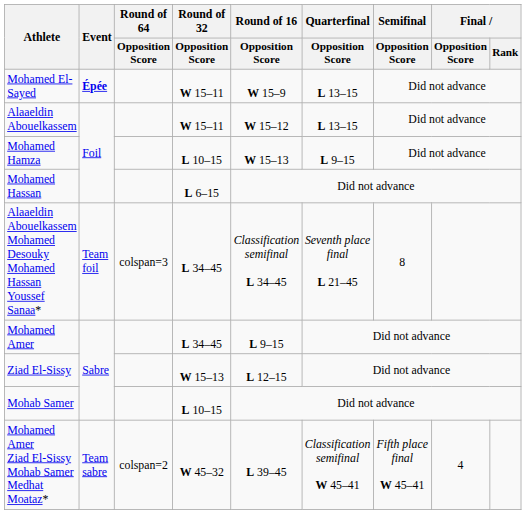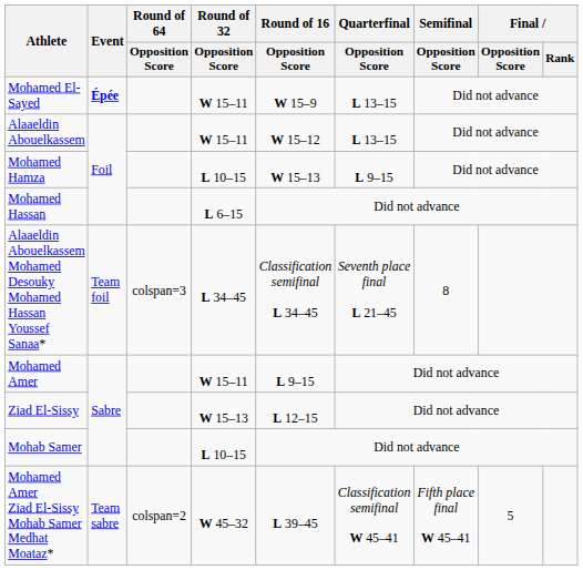 <table class="wikitable" style="font-size:90%">
 <tr>
 <th rowspan="2">Athlete</th>
 <th rowspan="2">Event</th>
 <th>Round of 64</th>
 <th>Round of 32</th>
 <th>Round of 16</th>
 <th>Quarterfinal</th>
 <th>Semifinal</th>
 <th colspan=2>Final / </th>
 </tr>
 <tr style="font-size:95%">
 <th>Opposition <br> Score</th>
 <th>Opposition <br> Score</th>
 <th>Opposition <br> Score</th>
 <th>Opposition <br> Score</th>
 <th>Opposition <br> Score</th>
 <th>Opposition <br> Score</th>
 <th>Rank</th>
 </tr>
 <tr align=center>
 <td align=left><a href='#'>Mohamed El-Sayed</a></td>
 <td align=left><strong><a href='#'>Épée</a></strong></td>
 <td></td>
 <td><br><strong>W</strong> 15–11</td>
 <td><br><strong>W</strong> 15–9</td>
 <td><br><strong>L</strong> 13–15</td>
 <td colspan=3>Did not advance</td>
 </tr>
 <tr align=center>
 <td align=left><a href='#'>Alaaeldin Abouelkassem</a></td>
 <td align=left rowspan=3><a href='#'>Foil</a></td>
 <td></td>
 <td><br><strong>W</strong> 15–11</td>
 <td><br><strong>W</strong> 15–12</td>
 <td><br><strong>L</strong> 13–15</td>
 <td colspan=3>Did not advance</td>
 </tr>
 <tr align=center>
 <td align=left><a href='#'>Mohamed Hamza</a></td>
 <td></td>
 <td><br><strong>L</strong> 10–15</td>
 <td><br><strong>W</strong> 15–13</td>
 <td><br><strong>L</strong> 9–15</td>
 <td colspan=3>Did not advance</td>
 </tr>
 <tr align=center>
 <td align=left><a href='#'>Mohamed Hassan</a></td>
 <td></td>
 <td><br><strong>L</strong> 6–15</td>
 <td colspan=5>Did not advance</td>
 </tr>
 <tr align=center>
 <td align=left><a href='#'>Alaaeldin Abouelkassem</a><br><a href='#'>Mohamed Desouky</a><br><a href='#'>Mohamed Hassan</a><br><a href='#'>Youssef Sanaa</a>*</td>
 <td align=left><a href='#'>Team foil</a></td>
 <td>colspan=3 </td>
 <td><br><strong>L</strong> 34–45</td>
 <td><em>Classification semifinal</em><br><br><strong>L</strong> 34–45</td>
 <td><em>Seventh place final</em><br><br><strong>L</strong> 21–45</td>
 <td>8</td>
 </tr>
 <tr align=center>
 <td align=left><a href='#'>Mohamed Amer</a></td>
 <td align=left rowspan=3><a href='#'>Sabre</a></td>
 <td></td>
-<td><br><strong>L</strong> 34–45</td>
+<td><br><strong>W</strong> 15–11</td>
 <td><br><strong>L</strong> 9–15</td>
 <td colspan=4>Did not advance</td>
 </tr>
 <tr align=center>
 <td align=left><a href='#'>Ziad El-Sissy</a></td>
 <td></td>
 <td><br><strong>W</strong> 15–13</td>
 <td><br><strong>L</strong> 12–15</td>
 <td colspan=4>Did not advance</td>
 </tr>
 <tr align=center>
 <td align=left><a href='#'>Mohab Samer</a></td>
 <td></td>
 <td><br><strong>L</strong> 10–15</td>
 <td colspan=5>Did not advance</td>
 </tr>
 <tr align=center>
 <td align=left><a href='#'>Mohamed Amer</a><br><a href='#'>Ziad El-Sissy</a><br><a href='#'>Mohab Samer</a><br><a href='#'>Medhat Moataz</a>*</td>
 <td align=left><a href='#'>Team sabre</a></td>
 <td>colspan=2 </td>
 <td><br><strong>W</strong> 45–32</td>
 <td><br><strong>L</strong> 39–45</td>
 <td><em>Classification semifinal</em><br><br><strong>W</strong> 45–41</td>
 <td><em>Fifth place final</em><br><br><strong>W</strong> 45–41</td>
-<td>4</td>
+<td>5</td>
 </tr>
 </table>
